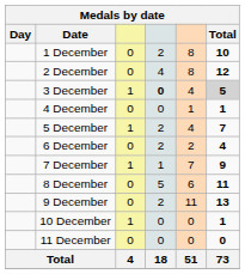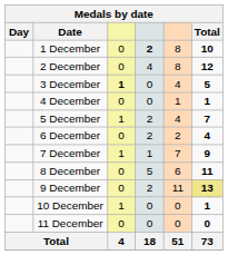 <table class="wikitable" style="font-size:90%; text-align:center;">
 <tr style="background:#efefef;">
 <th colspan=6><strong>Medals by date</strong></th>
 </tr>
 <tr>
 <th width=30><strong>Day</strong></th>
 <th width=90><strong>Date</strong></th>
 <th width=30 style="background:#F7F6A8;"></th>
 <th width=30 style="background:#DCE5E5;"></th>
 <th width=30 style="background:#FFDAB9;"></th>
 <th width=30><strong>Total</strong></th>
 </tr>
 <tr>
 <td></td>
 <td>1 December</td>
 <td style="background:#F7F6A8;">0</td>
-<td style="background:#DCE5E5;">2</td>
+<td style="background:#DCE5E5;"><strong>2</strong></td>
 <td style="background:#FFDAB9;">8</td>
 <td><strong>10</strong></td>
 </tr>
 <tr>
 <td></td>
 <td>2 December</td>
 <td style="background:#F7F6A8;">0</td>
 <td style="background:#DCE5E5;">4</td>
 <td style="background:#FFDAB9;">8</td>
 <td><strong>12</strong></td>
 </tr>
 <tr>
 <td></td>
 <td>3 December</td>
-<td style="background:#F7F6A8;">1</td>
-<td style="background:#DCE5E5;"><strong>0</strong></td>
+<td style="background:#F7F6A8;"><strong>1</strong></td>
+<td style="background:#DCE5E5;">0</td>
 <td style="background:#FFDAB9;">4</td>
-<td style="background: lightgrey;"><strong>5</strong></td>
+<td><strong>5</strong></td>
 </tr>
 <tr>
 <td></td>
 <td>4 December</td>
 <td style="background:#F7F6A8;">0</td>
 <td style="background:#DCE5E5;">0</td>
 <td style="background:#FFDAB9;">1</td>
 <td><strong>1</strong></td>
 </tr>
 <tr>
 <td></td>
 <td>5 December</td>
 <td style="background:#F7F6A8;">1</td>
 <td style="background:#DCE5E5;">2</td>
 <td style="background:#FFDAB9;">4</td>
 <td><strong>7</strong></td>
 </tr>
 <tr>
 <td></td>
 <td>6 December</td>
 <td style="background:#F7F6A8;">0</td>
 <td style="background:#DCE5E5;">2</td>
 <td style="background:#FFDAB9;">2</td>
 <td><strong>4</strong></td>
 </tr>
 <tr>
 <td></td>
 <td>7 December</td>
 <td style="background:#F7F6A8;">1</td>
 <td style="background:#DCE5E5;">1</td>
 <td style="background:#FFDAB9;">7</td>
 <td><strong>9</strong></td>
 </tr>
 <tr>
 <td></td>
 <td>8 December</td>
 <td style="background:#F7F6A8;">0</td>
 <td style="background:#DCE5E5;">5</td>
 <td style="background:#FFDAB9;">6</td>
 <td><strong>11</strong></td>
 </tr>
 <tr>
 <td></td>
 <td>9 December</td>
 <td style="background:#F7F6A8;">0</td>
 <td style="background:#DCE5E5;">2</td>
 <td style="background:#FFDAB9;">11</td>
-<td><strong>13</strong></td>
+<td style="background: khaki;"><strong>13</strong></td>
 </tr>
 <tr>
 <td></td>
 <td>10 December</td>
 <td style="background:#F7F6A8;">1</td>
 <td style="background:#DCE5E5;">0</td>
 <td style="background:#FFDAB9;">0</td>
 <td><strong>1</strong></td>
 </tr>
 <tr>
 <td></td>
 <td>11 December</td>
 <td style="background:#F7F6A8;">0</td>
 <td style="background:#DCE5E5;">0</td>
 <td style="background:#FFDAB9;">0</td>
 <td><strong>0</strong></td>
 </tr>
 <tr>
 <th colspan="2"><strong>Total</strong></th>
 <th><strong>4</strong></th>
 <th><strong>18</strong></th>
 <th><strong>51</strong></th>
 <th><strong>73</strong></th>
 </tr>
 <tr>
 </tr>
 </table>
